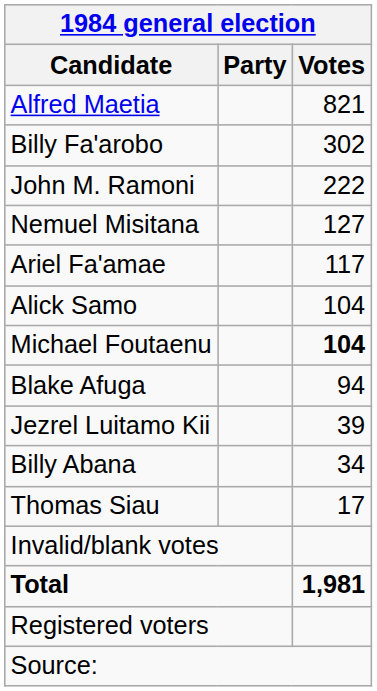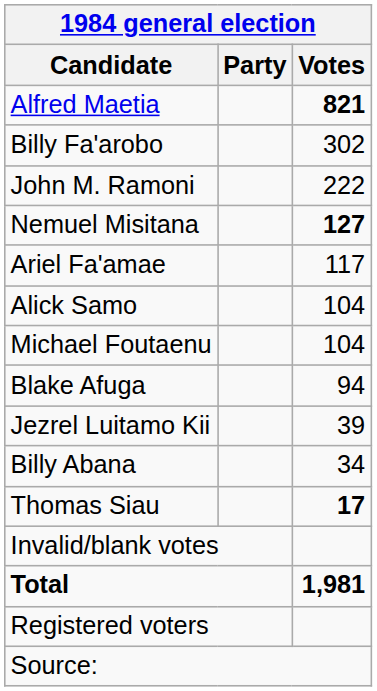 <table class=wikitable style=text-align:left>
 <tr>
 <th colspan=3><a href='#'>1984 general election</a></th>
 </tr>
 <tr>
 <th>Candidate</th>
 <th>Party</th>
 <th>Votes</th>
 </tr>
 <tr>
 <td><a href='#'>Alfred Maetia</a></td>
 <td></td>
-<td align=right>821</td>
+<td align=right><strong>821</strong></td>
 </tr>
 <tr>
 <td>Billy Fa'arobo</td>
 <td></td>
 <td align=right>302</td>
 </tr>
 <tr>
 <td>John M. Ramoni</td>
 <td></td>
 <td align=right>222</td>
 </tr>
 <tr>
 <td>Nemuel Misitana</td>
 <td></td>
-<td align=right>127</td>
+<td align=right><strong>127</strong></td>
 </tr>
 <tr>
 <td>Ariel Fa'amae</td>
 <td></td>
 <td align=right>117</td>
 </tr>
 <tr>
 <td>Alick Samo</td>
 <td></td>
 <td align=right>104</td>
 </tr>
 <tr>
 <td>Michael Foutaenu</td>
 <td></td>
-<td align=right><strong>104</strong></td>
+<td align=right>104</td>
 </tr>
 <tr>
 <td>Blake Afuga</td>
 <td></td>
 <td align=right>94</td>
 </tr>
 <tr>
 <td>Jezrel Luitamo Kii</td>
 <td></td>
 <td align=right>39</td>
 </tr>
 <tr>
 <td>Billy Abana</td>
 <td></td>
 <td align=right>34</td>
 </tr>
 <tr>
 <td>Thomas Siau</td>
 <td></td>
-<td align=right>17</td>
+<td align=right><strong>17</strong></td>
 </tr>
 <tr>
 <td colspan=2>Invalid/blank votes</td>
 <td></td>
 </tr>
 <tr>
 <td colspan=2><strong>Total</strong></td>
 <td align=right><strong>1,981</strong></td>
 </tr>
 <tr>
 <td colspan=2>Registered voters</td>
 <td align=right></td>
 </tr>
 <tr>
 <td colspan=3>Source: </td>
 </tr>
 </table>
